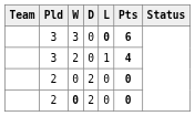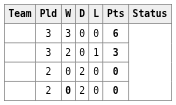 <table style=border-collapse:collapse border=1 cellspacing=0 cellpadding=5>
 <tr align=center bgcolor=#efefef>
 <th>Team</th>
 <th>Pld</th>
 <th>W</th>
 <th>D</th>
 <th>L</th>
 <th>Pts</th>
 <th>Status</th>
 </tr>
 <tr align=center style="background:#FFFFFF;">
 <td style="text-align:left;"> </td>
 <td>3</td>
 <td>3</td>
 <td>0</td>
-<td><strong>0</strong></td>
+<td>0</td>
 <td><strong>6</strong></td>
 <td rowspan=4></td>
 </tr>
 <tr align=center style="background:#FFFFFF;">
 <td style="text-align:left;"> </td>
 <td>3</td>
 <td>2</td>
 <td>0</td>
 <td>1</td>
-<td><strong>4</strong></td>
+<td><strong>3</strong></td>
 </tr>
 <tr align=center style="background:#FFFFFF;">
 <td style="text-align:left;"> </td>
 <td>2</td>
 <td>0</td>
 <td>2</td>
 <td>0</td>
 <td><strong>0</strong></td>
 </tr>
 <tr align=center style="background:#FFFFFF;">
 <td style="text-align:left;"> </td>
 <td>2</td>
 <td><strong>0</strong></td>
 <td>2</td>
 <td>0</td>
 <td><strong>0</strong></td>
 </tr>
 </table>
